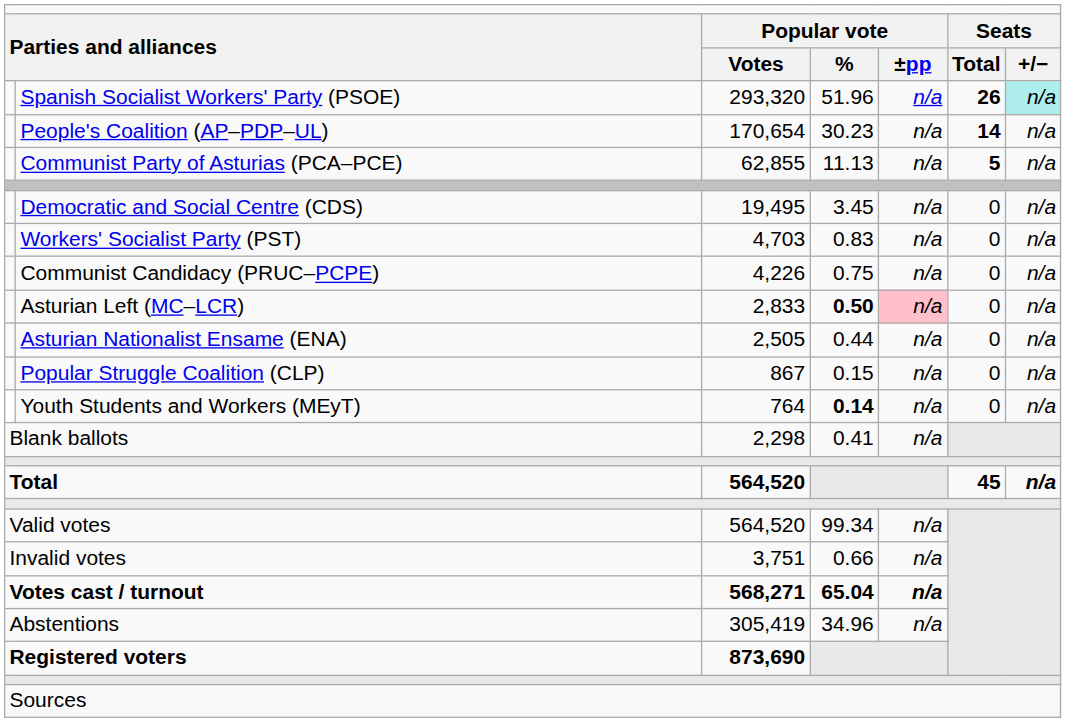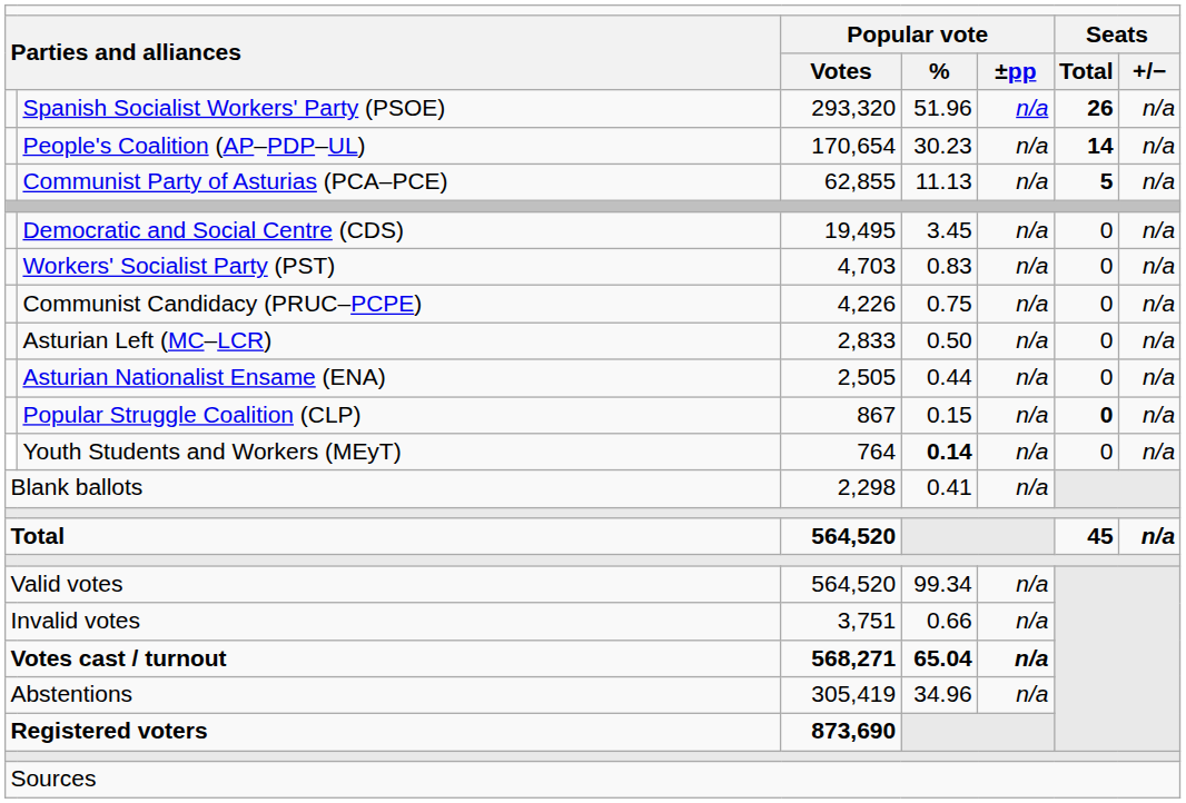 <table class="wikitable" style="text-align:right;">
 <tr>
 <td colspan="7"></td>
 </tr>
 <tr>
 <th style="text-align:left;" rowspan="2" colspan="2" width="525">Parties and alliances</th>
 <th colspan="3">Popular vote</th>
 <th colspan="2">Seats</th>
 </tr>
 <tr>
 <th width="75">Votes</th>
 <th width="45">%</th>
 <th width="45">±<a href='#'>pp</a></th>
 <th width="35">Total</th>
 <th width="35">+/−</th>
 </tr>
 <tr>
 <td width="1" style="color:inherit;background:"></td>
 <td align="left"><a href='#'>Spanish Socialist Workers' Party</a> (PSOE)</td>
 <td>293,320</td>
 <td>51.96</td>
 <td><em><a href='#'>n/a</a></em></td>
 <td><strong>26</strong></td>
-<td style="background: paleturquoise;"><em>n/a</em></td>
+<td><em>n/a</em></td>
 </tr>
 <tr>
 <td style="color:inherit;background:"></td>
 <td align="left"><a href='#'>People's Coalition</a> (<a href='#'>AP</a>–<a href='#'>PDP</a>–<a href='#'>UL</a>)</td>
 <td>170,654</td>
 <td>30.23</td>
 <td><em>n/a</em></td>
 <td><strong>14</strong></td>
 <td><em>n/a</em></td>
 </tr>
 <tr>
 <td style="color:inherit;background:"></td>
 <td align="left"><a href='#'>Communist Party of Asturias</a> (PCA–PCE)</td>
 <td>62,855</td>
 <td>11.13</td>
 <td><em>n/a</em></td>
 <td><strong>5</strong></td>
 <td><em>n/a</em></td>
 </tr>
 <tr>
 <td colspan="7" bgcolor="#C0C0C0"></td>
 </tr>
 <tr>
 <td style="color:inherit;background:"></td>
 <td align="left"><a href='#'>Democratic and Social Centre</a> (CDS)</td>
 <td>19,495</td>
 <td>3.45</td>
 <td><em>n/a</em></td>
 <td>0</td>
 <td><em>n/a</em></td>
 </tr>
 <tr>
 <td style="color:inherit;background:"></td>
 <td align="left"><a href='#'>Workers' Socialist Party</a> (PST)</td>
 <td>4,703</td>
 <td>0.83</td>
 <td><em>n/a</em></td>
 <td>0</td>
 <td><em>n/a</em></td>
 </tr>
 <tr>
 <td style="color:inherit;background:"></td>
 <td align="left">Communist Candidacy (PRUC–<a href='#'>PCPE</a>)</td>
 <td>4,226</td>
 <td>0.75</td>
 <td><em>n/a</em></td>
 <td>0</td>
 <td><em>n/a</em></td>
 </tr>
 <tr>
 <td style="color:inherit;background:"></td>
 <td align="left">Asturian Left (<a href='#'>MC</a>–<a href='#'>LCR</a>)</td>
 <td>2,833</td>
-<td><strong>0.50</strong></td>
-<td style="background: pink;"><em>n/a</em></td>
+<td>0.50</td>
+<td><em>n/a</em></td>
 <td>0</td>
 <td><em>n/a</em></td>
 </tr>
 <tr>
 <td style="color:inherit;background:"></td>
 <td align="left"><a href='#'>Asturian Nationalist Ensame</a> (ENA)</td>
 <td>2,505</td>
 <td>0.44</td>
 <td><em>n/a</em></td>
 <td>0</td>
 <td><em>n/a</em></td>
 </tr>
 <tr>
 <td style="color:inherit;background:"></td>
 <td align="left"><a href='#'>Popular Struggle Coalition</a> (CLP)</td>
 <td>867</td>
 <td>0.15</td>
 <td><em>n/a</em></td>
-<td>0</td>
+<td><strong>0</strong></td>
 <td><em>n/a</em></td>
 </tr>
 <tr>
 <td bgcolor="white"></td>
 <td align="left">Youth Students and Workers (MEyT)</td>
 <td>764</td>
 <td><strong>0.14</strong></td>
 <td><em>n/a</em></td>
 <td>0</td>
 <td><em>n/a</em></td>
 </tr>
 <tr>
 <td align="left" colspan="2">Blank ballots</td>
 <td>2,298</td>
 <td>0.41</td>
 <td><em>n/a</em></td>
 <td bgcolor="#E9E9E9" colspan="2"></td>
 </tr>
 <tr>
 <td colspan="7" bgcolor="#E9E9E9"></td>
 </tr>
 <tr style="font-weight:bold;">
 <td align="left" colspan="2">Total</td>
 <td>564,520</td>
 <td bgcolor="#E9E9E9" colspan="2"></td>
 <td>45</td>
 <td><em>n/a</em></td>
 </tr>
 <tr>
 <td colspan="7" bgcolor="#E9E9E9"></td>
 </tr>
 <tr>
 <td align="left" colspan="2">Valid votes</td>
 <td>564,520</td>
 <td>99.34</td>
 <td><em>n/a</em></td>
 <td bgcolor="#E9E9E9" colspan="2" rowspan="5"></td>
 </tr>
 <tr>
 <td align="left" colspan="2">Invalid votes</td>
 <td>3,751</td>
 <td>0.66</td>
 <td><em>n/a</em></td>
 </tr>
 <tr style="font-weight:bold;">
 <td align="left" colspan="2">Votes cast / turnout</td>
 <td>568,271</td>
 <td>65.04</td>
 <td><em>n/a</em></td>
 </tr>
 <tr>
 <td align="left" colspan="2">Abstentions</td>
 <td>305,419</td>
 <td>34.96</td>
 <td><em>n/a</em></td>
 </tr>
 <tr style="font-weight:bold;">
 <td align="left" colspan="2">Registered voters</td>
 <td>873,690</td>
 <td bgcolor="#E9E9E9" colspan="2"></td>
 </tr>
 <tr>
 <td colspan="7" bgcolor="#E9E9E9"></td>
 </tr>
 <tr>
 <td align="left" colspan="7">Sources</td>
 </tr>
 </table>
